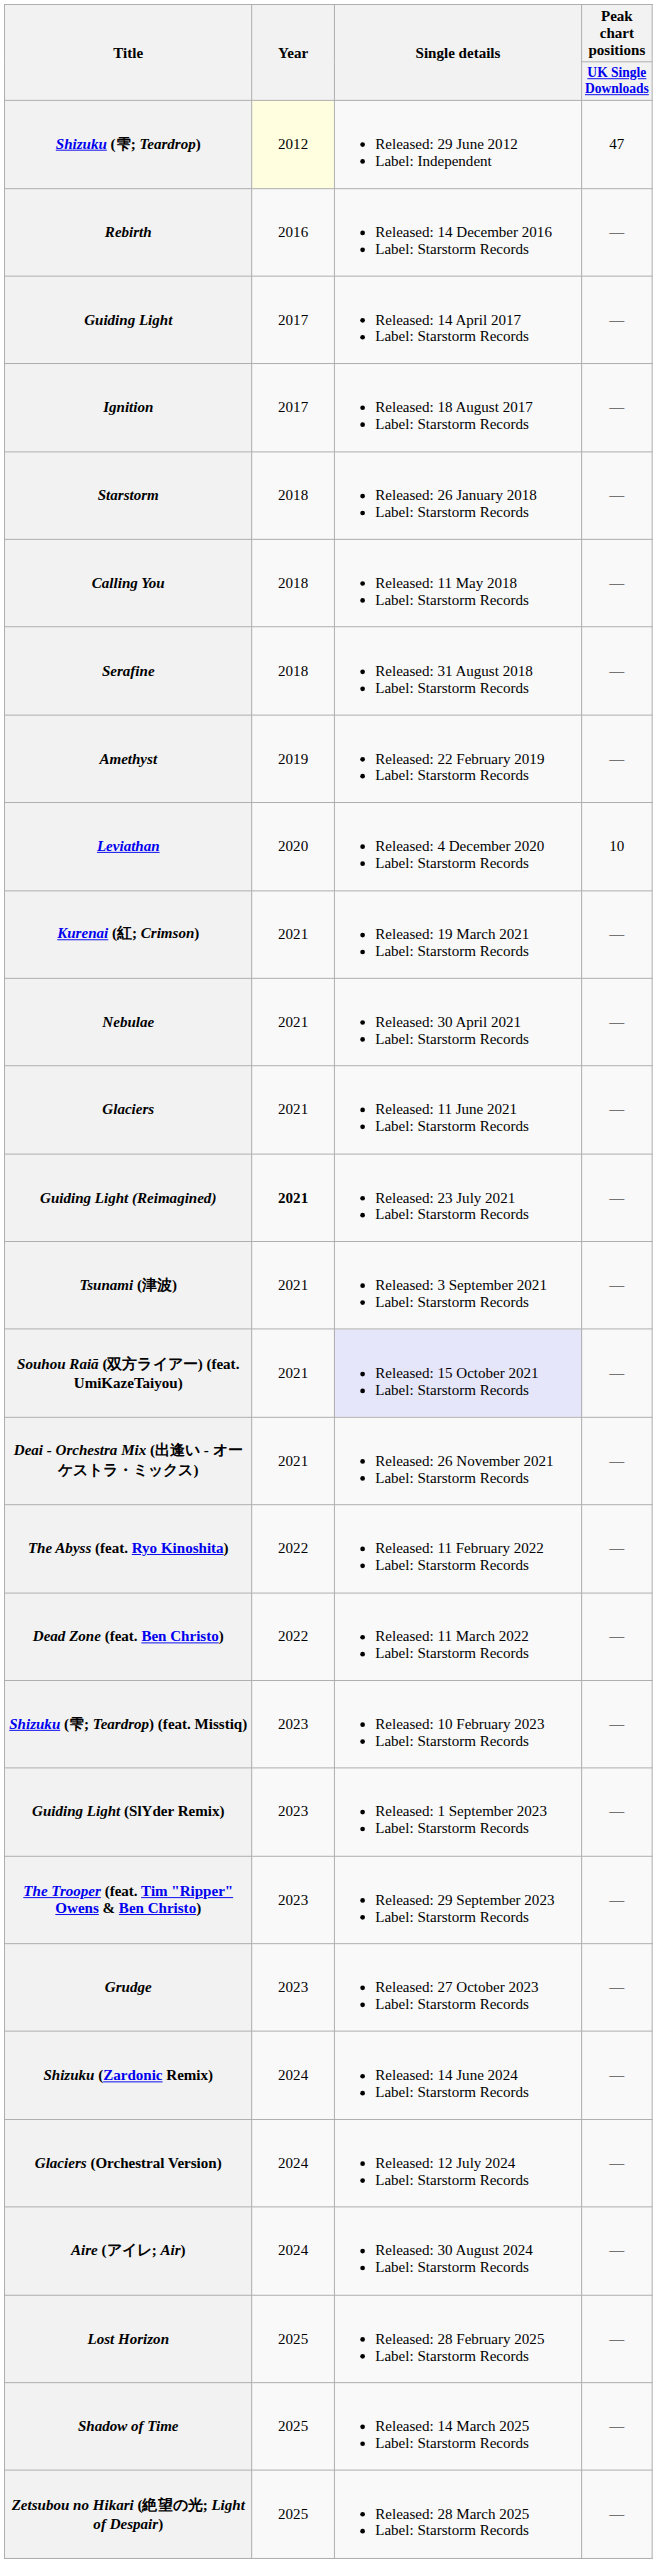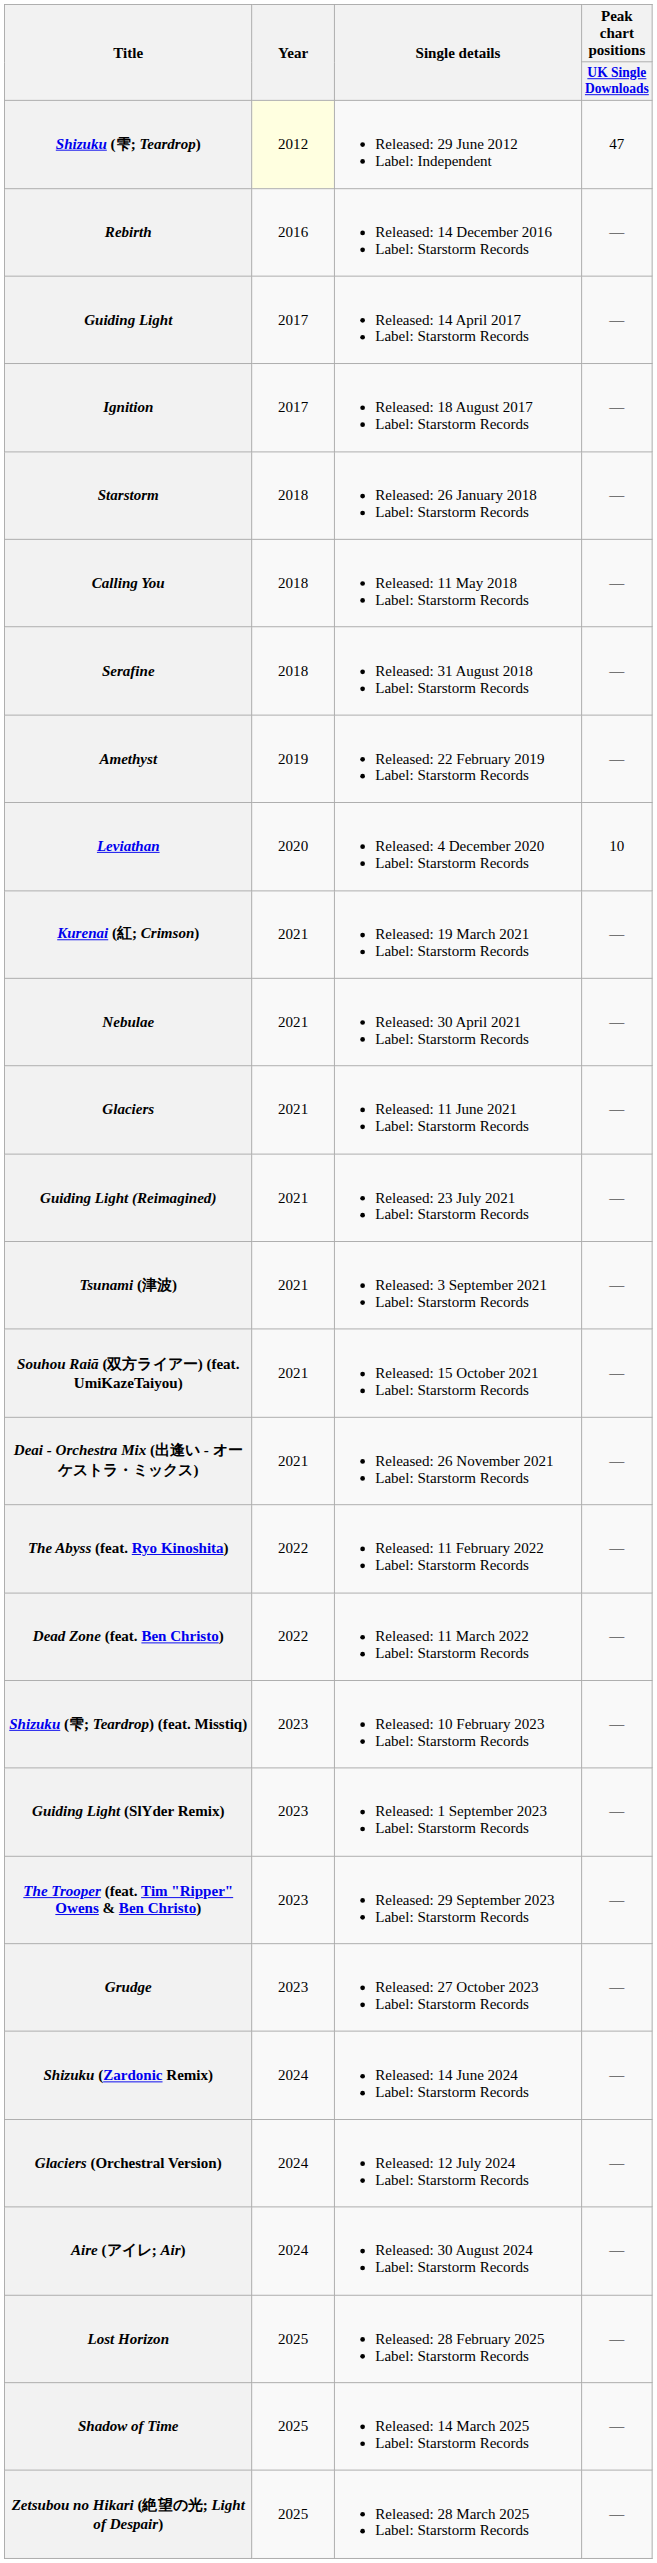 <table class="wikitable plainrowheaders" style="text-align:center;">
 <tr>
 <th scope="col" rowspan="2" style="width:16em;">Title</th>
 <th scope="col" rowspan="2" style="width:5em;">Year</th>
 <th scope="col" rowspan="2" style="width:16em; text-align:center;">Single details</th>
 <th scope="col" colspan="2">Peak chart positions</th>
 </tr>
 <tr>
 <th scope="col" style="width:3em;font-size:90%;"><a href='#'>UK Single Downloads</a></th>
 </tr>
 <tr>
 <th scope="row"><em><a href='#'>Shizuku</a></em> (雫; <em>Teardrop</em>)</th>
 <td style="background: lightyellow;">2012</td>
 <td style="text-align:left;"><br><ul><li>Released: 29 June 2012</li><li>Label: Independent</li></ul></td>
 <td>47</td>
 </tr>
 <tr>
 <th scope="row"><em>Rebirth</em></th>
 <td>2016</td>
 <td style="text-align:left;"><br><ul><li>Released: 14 December 2016</li><li>Label: Starstorm Records</li></ul></td>
 <td>—</td>
 </tr>
 <tr>
 <th scope="row"><em>Guiding Light</em></th>
 <td>2017</td>
 <td style="text-align:left;"><br><ul><li>Released: 14 April 2017</li><li>Label: Starstorm Records</li></ul></td>
 <td>—</td>
 </tr>
 <tr>
 <th scope="row"><em>Ignition</em></th>
 <td>2017</td>
 <td style="text-align:left;"><br><ul><li>Released: 18 August 2017</li><li>Label: Starstorm Records</li></ul></td>
 <td>—</td>
 </tr>
 <tr>
 <th scope="row"><em>Starstorm</em></th>
 <td>2018</td>
 <td style="text-align:left;"><br><ul><li>Released: 26 January 2018</li><li>Label: Starstorm Records</li></ul></td>
 <td>—</td>
 </tr>
 <tr>
 <th scope="row"><em>Calling You</em></th>
 <td>2018</td>
 <td style="text-align:left;"><br><ul><li>Released: 11 May 2018</li><li>Label: Starstorm Records</li></ul></td>
 <td>—</td>
 </tr>
 <tr>
 <th scope="row"><em>Serafine</em></th>
 <td>2018</td>
 <td style="text-align:left;"><br><ul><li>Released: 31 August 2018</li><li>Label: Starstorm Records</li></ul></td>
 <td>—</td>
 </tr>
 <tr>
 <th scope="row"><em>Amethyst</em></th>
 <td>2019</td>
 <td style="text-align:left;"><br><ul><li>Released: 22 February 2019</li><li>Label: Starstorm Records</li></ul></td>
 <td>—</td>
 </tr>
 <tr>
 <th scope="row"><em><a href='#'>Leviathan</a></em></th>
 <td>2020</td>
 <td style="text-align:left;"><br><ul><li>Released: 4 December 2020</li><li>Label: Starstorm Records</li></ul></td>
 <td>10</td>
 </tr>
 <tr>
 <th scope="row"><em><a href='#'>Kurenai</a></em> (紅; <em>Crimson</em>)</th>
 <td>2021</td>
 <td style="text-align:left;"><br><ul><li>Released: 19 March 2021</li><li>Label: Starstorm Records</li></ul></td>
 <td>—</td>
 </tr>
 <tr>
 <th scope="row"><em>Nebulae</em></th>
 <td>2021</td>
 <td style="text-align:left;"><br><ul><li>Released: 30 April 2021</li><li>Label: Starstorm Records</li></ul></td>
 <td>—</td>
 </tr>
 <tr>
 <th scope="row"><em>Glaciers</em></th>
 <td>2021</td>
 <td style="text-align:left;"><br><ul><li>Released: 11 June 2021</li><li>Label: Starstorm Records</li></ul></td>
 <td>—</td>
 </tr>
 <tr>
 <th scope="row"><em>Guiding Light (Reimagined)</em></th>
-<td><strong>2021</strong></td>
+<td>2021</td>
 <td style="text-align:left;"><br><ul><li>Released: 23 July 2021</li><li>Label: Starstorm Records</li></ul></td>
 <td>—</td>
 </tr>
 <tr>
 <th scope="row"><em>Tsunami</em> (津波)</th>
 <td>2021</td>
 <td style="text-align:left;"><br><ul><li>Released: 3 September 2021</li><li>Label: Starstorm Records</li></ul></td>
 <td>—</td>
 </tr>
 <tr>
 <th scope="row"><em>Souhou Raiā</em> (双方ライアー) (feat. UmiKazeTaiyou)</th>
 <td>2021</td>
-<td style="background: lavender; text-align:left;"><br><ul><li>Released: 15 October 2021</li><li>Label: Starstorm Records</li></ul></td>
+<td style="text-align:left;"><br><ul><li>Released: 15 October 2021</li><li>Label: Starstorm Records</li></ul></td>
 <td>—</td>
 </tr>
 <tr>
 <th scope="row"><em>Deai - Orchestra Mix</em> (出逢い - オーケストラ・ミックス)</th>
 <td>2021</td>
 <td style="text-align:left;"><br><ul><li>Released: 26 November 2021</li><li>Label: Starstorm Records</li></ul></td>
 <td>—</td>
 </tr>
 <tr>
 <th scope="row"><em>The Abyss</em> (feat. <a href='#'>Ryo Kinoshita</a>)</th>
 <td>2022</td>
 <td style="text-align:left;"><br><ul><li>Released: 11 February 2022</li><li>Label: Starstorm Records</li></ul></td>
 <td>—</td>
 </tr>
 <tr>
 <th scope="row"><em>Dead Zone</em> (feat. <a href='#'>Ben Christo</a>)</th>
 <td>2022</td>
 <td style="text-align:left;"><br><ul><li>Released: 11 March 2022</li><li>Label: Starstorm Records</li></ul></td>
 <td>—</td>
 </tr>
 <tr>
 <th scope="row"><em><a href='#'>Shizuku</a></em> (雫; <em>Teardrop</em>) (feat. Misstiq)</th>
 <td>2023</td>
 <td style="text-align:left;"><br><ul><li>Released: 10 February 2023</li><li>Label: Starstorm Records</li></ul></td>
 <td>—</td>
 </tr>
 <tr>
 <th scope="row"><em>Guiding Light</em> (SlYder Remix)</th>
 <td>2023</td>
 <td style="text-align:left;"><br><ul><li>Released: 1 September 2023</li><li>Label: Starstorm Records</li></ul></td>
 <td>—</td>
 </tr>
 <tr>
 <th scope="row"><em><a href='#'>The Trooper</a></em> (feat. <a href='#'>Tim "Ripper" Owens</a> & <a href='#'>Ben Christo</a>)</th>
 <td>2023</td>
 <td style="text-align:left;"><br><ul><li>Released: 29 September 2023</li><li>Label: Starstorm Records</li></ul></td>
 <td>—</td>
 </tr>
 <tr>
 <th scope="row"><em>Grudge</em></th>
 <td>2023</td>
 <td style="text-align:left;"><br><ul><li>Released: 27 October 2023</li><li>Label: Starstorm Records</li></ul></td>
 <td>—</td>
 </tr>
 <tr>
 <th scope="row"><em>Shizuku</em> (<a href='#'>Zardonic</a> Remix)</th>
 <td>2024</td>
 <td style="text-align:left;"><br><ul><li>Released: 14 June 2024</li><li>Label: Starstorm Records</li></ul></td>
 <td>—</td>
 </tr>
 <tr>
 <th scope="row"><em>Glaciers</em> (Orchestral Version)</th>
 <td>2024</td>
 <td style="text-align:left;"><br><ul><li>Released: 12 July 2024</li><li>Label: Starstorm Records</li></ul></td>
 <td>—</td>
 </tr>
 <tr>
 <th scope="row"><em>Aire</em> (アイレ; <em>Air</em>)</th>
 <td>2024</td>
 <td style="text-align:left;"><br><ul><li>Released: 30 August 2024</li><li>Label: Starstorm Records</li></ul></td>
 <td>—</td>
 </tr>
 <tr>
 <th scope="row"><em>Lost Horizon</em></th>
 <td>2025</td>
 <td style="text-align:left;"><br><ul><li>Released: 28 February 2025</li><li>Label: Starstorm Records</li></ul></td>
 <td>—</td>
 </tr>
 <tr>
 <th scope="row"><em>Shadow of Time</em></th>
 <td>2025</td>
 <td style="text-align:left;"><br><ul><li>Released: 14 March 2025</li><li>Label: Starstorm Records</li></ul></td>
 <td>—</td>
 </tr>
 <tr>
 <th scope="row"><em>Zetsubou no Hikari</em> (絶望の光; <em>Light of Despair</em>)</th>
 <td>2025</td>
 <td style="text-align:left;"><br><ul><li>Released: 28 March 2025</li><li>Label: Starstorm Records</li></ul></td>
 <td>—</td>
 </tr>
 </table>
